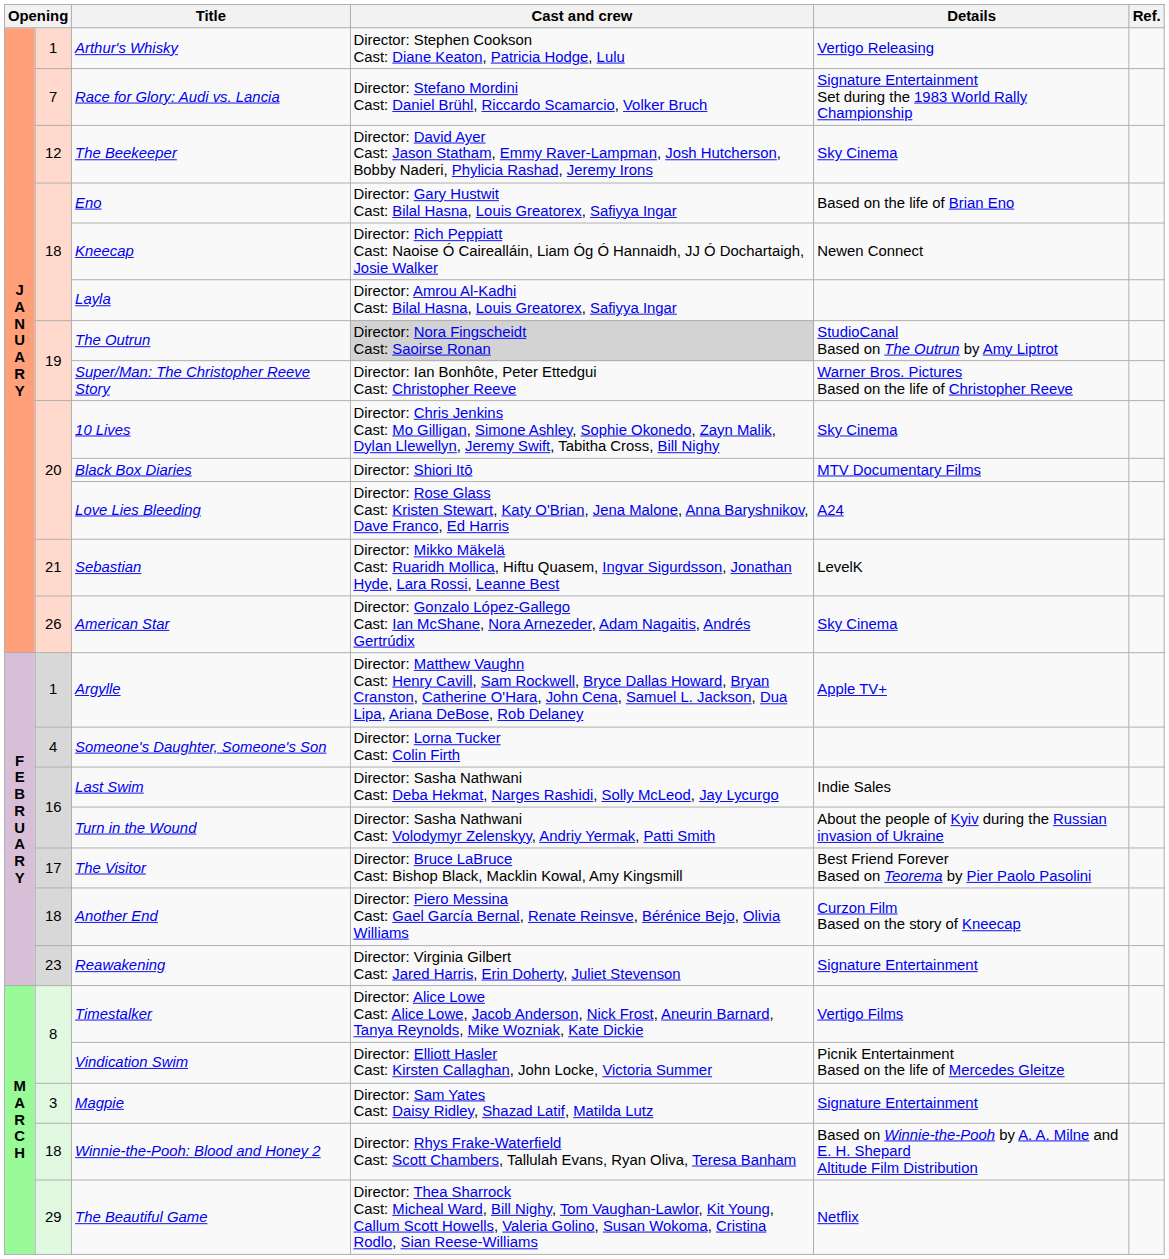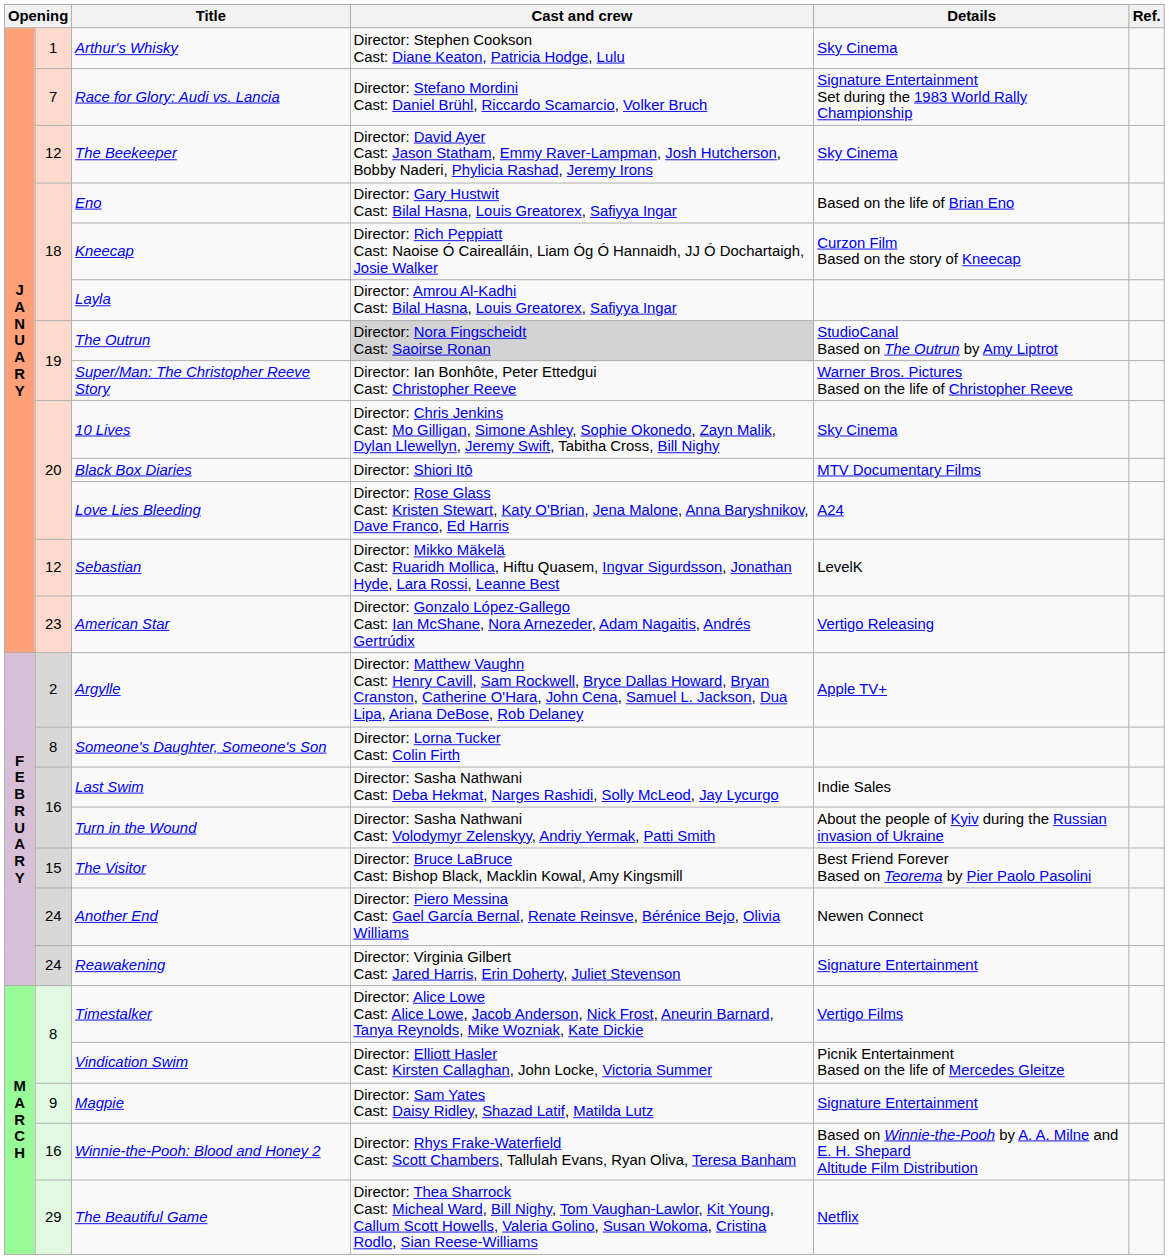 <table class="wikitable">
 <tr style="background:#b0e0e6; text-align:center;">
 <th colspan="2">Opening</th>
 <th style="width:24%;">Title</th>
 <th style="width:40%;">Cast and crew</th>
 <th>Details</th>
 <th style="width:2%;">Ref.</th>
 </tr>
 <tr>
 <th rowspan="13" style="text-align:center; background:#ffa07a; textcolor:#000;">J<br>A<br>N<br>U<br>A<br>R<br>Y</th>
 <td rowspan="1" style="text-align:center; background:#ffdacc;">1</td>
 <td><em><a href='#'>Arthur's Whisky</a></em></td>
 <td>Director: Stephen Cookson <br> Cast: <a href='#'>Diane Keaton</a>, <a href='#'>Patricia Hodge</a>, <a href='#'>Lulu</a></td>
-<td><a href='#'>Vertigo Releasing</a></td>
+<td><a href='#'>Sky Cinema</a></td>
 <td style="text-align:center"></td>
 </tr>
 <tr>
 <td rowspan="1" style="text-align:center; background:#ffdacc;">7</td>
 <td><em><a href='#'>Race for Glory: Audi vs. Lancia</a></em></td>
 <td>Director: <a href='#'>Stefano Mordini</a> <br> Cast: <a href='#'>Daniel Brühl</a>, <a href='#'>Riccardo Scamarcio</a>, <a href='#'>Volker Bruch</a></td>
 <td><a href='#'>Signature Entertainment</a> <br> Set during the <a href='#'>1983 World Rally Championship</a></td>
 <td style="text-align:center"></td>
 </tr>
 <tr>
 <td rowspan="1" style="text-align:center; background:#ffdacc;">12</td>
 <td><em><a href='#'>The Beekeeper</a></em></td>
 <td>Director: <a href='#'>David Ayer</a> <br> Cast: <a href='#'>Jason Statham</a>, <a href='#'>Emmy Raver-Lampman</a>, <a href='#'>Josh Hutcherson</a>, Bobby Naderi, <a href='#'>Phylicia Rashad</a>, <a href='#'>Jeremy Irons</a></td>
 <td><a href='#'>Sky Cinema</a></td>
 <td style="text-align:center"></td>
 </tr>
 <tr>
 <td rowspan="3" style="text-align:center; background:#ffdacc;">18</td>
 <td><em><a href='#'>Eno</a></em></td>
 <td>Director: <a href='#'>Gary Hustwit</a> <br> Cast: <a href='#'>Bilal Hasna</a>, <a href='#'>Louis Greatorex</a>, <a href='#'>Safiyya Ingar</a></td>
 <td>Based on the life of <a href='#'>Brian Eno</a></td>
 <td style="text-align:center"></td>
 </tr>
 <tr>
 <td><em><a href='#'>Kneecap</a></em></td>
 <td>Director: <a href='#'>Rich Peppiatt</a> <br> Cast: Naoise Ó Cairealláin, Liam Óg Ó Hannaidh, JJ Ó Dochartaigh, <a href='#'>Josie Walker</a></td>
-<td>Newen Connect</td>
+<td><a href='#'>Curzon Film</a> <br> Based on the story of <a href='#'>Kneecap</a></td>
 <td style="text-align:center"></td>
 </tr>
 <tr>
 <td><em><a href='#'>Layla</a></em></td>
 <td>Director: <a href='#'>Amrou Al-Kadhi</a> <br> Cast: <a href='#'>Bilal Hasna</a>, <a href='#'>Louis Greatorex</a>, <a href='#'>Safiyya Ingar</a></td>
 <td></td>
 <td style="text-align:center"></td>
 </tr>
 <tr>
 <td rowspan="2" style="text-align:center; background:#ffdacc;">19</td>
 <td><em><a href='#'>The Outrun</a></em></td>
 <td style="background: lightgrey;">Director: <a href='#'>Nora Fingscheidt</a> <br> Cast: <a href='#'>Saoirse Ronan</a></td>
 <td><a href='#'>StudioCanal</a> <br> Based on <em><a href='#'>The Outrun</a></em> by <a href='#'>Amy Liptrot</a></td>
 <td style="text-align:center"></td>
 </tr>
 <tr>
 <td><em><a href='#'>Super/Man: The Christopher Reeve Story</a></em></td>
 <td>Director: Ian Bonhôte, Peter Ettedgui <br> Cast: <a href='#'>Christopher Reeve</a></td>
 <td><a href='#'>Warner Bros. Pictures</a> <br> Based on the life of <a href='#'>Christopher Reeve</a></td>
 <td style="text-align:center"></td>
 </tr>
 <tr>
 <td rowspan="3" style="text-align:center; background:#ffdacc;">20</td>
 <td><em><a href='#'>10 Lives</a></em></td>
 <td>Director: <a href='#'>Chris Jenkins</a> <br> Cast: <a href='#'>Mo Gilligan</a>, <a href='#'>Simone Ashley</a>, <a href='#'>Sophie Okonedo</a>, <a href='#'>Zayn Malik</a>, <a href='#'>Dylan Llewellyn</a>, <a href='#'>Jeremy Swift</a>, Tabitha Cross, <a href='#'>Bill Nighy</a></td>
 <td><a href='#'>Sky Cinema</a></td>
 <td></td>
 </tr>
 <tr>
 <td><em><a href='#'>Black Box Diaries</a></em></td>
 <td>Director: <a href='#'>Shiori Itō</a></td>
 <td><a href='#'>MTV Documentary Films</a></td>
 <td style="text-align:center"></td>
 </tr>
 <tr>
 <td><em><a href='#'>Love Lies Bleeding</a></em></td>
 <td>Director: <a href='#'>Rose Glass</a> <br> Cast: <a href='#'>Kristen Stewart</a>, <a href='#'>Katy O'Brian</a>, <a href='#'>Jena Malone</a>, <a href='#'>Anna Baryshnikov</a>, <a href='#'>Dave Franco</a>, <a href='#'>Ed Harris</a></td>
 <td><a href='#'>A24</a></td>
 <td style="text-align:center"></td>
 </tr>
 <tr>
-<td rowspan="1" style="text-align:center; background:#ffdacc;">21</td>
+<td rowspan="1" style="text-align:center; background:#ffdacc;">12</td>
 <td><em><a href='#'>Sebastian</a></em></td>
 <td>Director: <a href='#'>Mikko Mäkelä</a><br> Cast: <a href='#'>Ruaridh Mollica</a>, Hiftu Quasem, <a href='#'>Ingvar Sigurdsson</a>, <a href='#'>Jonathan Hyde</a>, <a href='#'>Lara Rossi</a>, <a href='#'>Leanne Best</a></td>
 <td>LevelK</td>
 <td style="text-align:center"></td>
 </tr>
 <tr>
-<td rowspan="1" style="text-align:center; background:#ffdacc;">26</td>
+<td rowspan="1" style="text-align:center; background:#ffdacc;">23</td>
 <td><em><a href='#'>American Star</a></em></td>
 <td>Director: <a href='#'>Gonzalo López-Gallego</a> <br> Cast: <a href='#'>Ian McShane</a>, <a href='#'>Nora Arnezeder</a>, <a href='#'>Adam Nagaitis</a>, <a href='#'>Andrés Gertrúdix</a></td>
-<td><a href='#'>Sky Cinema</a></td>
+<td><a href='#'>Vertigo Releasing</a></td>
 <td style="text-align:center"></td>
 </tr>
 <tr>
 <th rowspan="7" style="text-align:center; background:thistle; textcolor:#000;">F<br>E<br>B<br>R<br>U<br>A<br>R<br>Y</th>
-<td rowspan="1" style="text-align:center; background:#d8d8d8;">1</td>
+<td rowspan="1" style="text-align:center; background:#d8d8d8;">2</td>
 <td><em><a href='#'>Argylle</a></em></td>
 <td>Director: <a href='#'>Matthew Vaughn</a> <br> Cast: <a href='#'>Henry Cavill</a>, <a href='#'>Sam Rockwell</a>, <a href='#'>Bryce Dallas Howard</a>, <a href='#'>Bryan Cranston</a>, <a href='#'>Catherine O'Hara</a>, <a href='#'>John Cena</a>, <a href='#'>Samuel L. Jackson</a>, <a href='#'>Dua Lipa</a>, <a href='#'>Ariana DeBose</a>, <a href='#'>Rob Delaney</a></td>
 <td><a href='#'>Apple TV+</a></td>
 <td style="text-align:center"></td>
 </tr>
 <tr>
-<td rowspan="1" style="text-align:center; background:#d8d8d8;">4</td>
+<td rowspan="1" style="text-align:center; background:#d8d8d8;">8</td>
 <td><em><a href='#'>Someone's Daughter, Someone's Son</a></em></td>
 <td>Director: <a href='#'>Lorna Tucker</a> <br> Cast: <a href='#'>Colin Firth</a></td>
 <td></td>
 <td></td>
 </tr>
 <tr>
 <td rowspan="2" style="text-align:center; background:#d8d8d8;">16</td>
 <td><em><a href='#'>Last Swim</a></em></td>
 <td>Director: Sasha Nathwani <br> Cast: <a href='#'>Deba Hekmat</a>, <a href='#'>Narges Rashidi</a>, <a href='#'>Solly McLeod</a>, <a href='#'>Jay Lycurgo</a></td>
 <td>Indie Sales</td>
 <td style="text-align:center"></td>
 </tr>
 <tr>
 <td><em><a href='#'>Turn in the Wound</a></em></td>
 <td>Director: Sasha Nathwani <br> Cast: <a href='#'>Volodymyr Zelenskyy</a>, <a href='#'>Andriy Yermak</a>, <a href='#'>Patti Smith</a></td>
 <td>About the people of <a href='#'>Kyiv</a> during the <a href='#'>Russian invasion of Ukraine</a></td>
 <td style="text-align:center"></td>
 </tr>
 <tr>
-<td rowspan="1" style="text-align:center; background:#d8d8d8;">17</td>
+<td rowspan="1" style="text-align:center; background:#d8d8d8;">15</td>
 <td><em><a href='#'>The Visitor</a></em></td>
 <td>Director: <a href='#'>Bruce LaBruce</a> <br> Cast: Bishop Black, Macklin Kowal, Amy Kingsmill</td>
 <td>Best Friend Forever <br> Based on <em><a href='#'>Teorema</a></em> by <a href='#'>Pier Paolo Pasolini</a></td>
 <td style="text-align:center"></td>
 </tr>
 <tr>
-<td rowspan="1" style="text-align:center; background:#d8d8d8;">18</td>
+<td rowspan="1" style="text-align:center; background:#d8d8d8;">24</td>
 <td><em><a href='#'>Another End</a></em></td>
 <td>Director: <a href='#'>Piero Messina</a> <br> Cast: <a href='#'>Gael García Bernal</a>, <a href='#'>Renate Reinsve</a>, <a href='#'>Bérénice Bejo</a>, <a href='#'>Olivia Williams</a></td>
-<td><a href='#'>Curzon Film</a> <br> Based on the story of <a href='#'>Kneecap</a></td>
+<td>Newen Connect</td>
 <td style="text-align:center"></td>
 </tr>
 <tr>
-<td rowspan="1" style="text-align:center; background:#d8d8d8;">23</td>
+<td rowspan="1" style="text-align:center; background:#d8d8d8;">24</td>
 <td><em><a href='#'>Reawakening</a></em></td>
 <td>Director: Virginia Gilbert <br> Cast: <a href='#'>Jared Harris</a>, <a href='#'>Erin Doherty</a>, <a href='#'>Juliet Stevenson</a></td>
 <td><a href='#'>Signature Entertainment</a></td>
 <td></td>
 </tr>
 <tr>
 <th rowspan="5" style="text-align:center; background:#98fb98; textcolor:#000;">M<br>A<br>R<br>C<br>H</th>
 <td rowspan="2" style="text-align:center; background:#e0f9e0;">8</td>
 <td><em><a href='#'>Timestalker</a></em></td>
 <td>Director: <a href='#'>Alice Lowe</a> <br> Cast: <a href='#'>Alice Lowe</a>, <a href='#'>Jacob Anderson</a>, <a href='#'>Nick Frost</a>, <a href='#'>Aneurin Barnard</a>, <a href='#'>Tanya Reynolds</a>, <a href='#'>Mike Wozniak</a>, <a href='#'>Kate Dickie</a></td>
 <td><a href='#'>Vertigo Films</a></td>
 <td style="text-align:center"></td>
 </tr>
 <tr>
 <td><em><a href='#'>Vindication Swim</a></em></td>
 <td>Director: <a href='#'>Elliott Hasler</a> <br> Cast: <a href='#'>Kirsten Callaghan</a>, John Locke, <a href='#'>Victoria Summer</a></td>
 <td>Picnik Entertainment <br> Based on the life of <a href='#'>Mercedes Gleitze</a></td>
 <td style="text-align:center"></td>
 </tr>
 <tr>
-<td rowspan="1" style="text-align:center; background:#e0f9e0;">3</td>
+<td rowspan="1" style="text-align:center; background:#e0f9e0;">9</td>
 <td><em><a href='#'>Magpie</a></em></td>
 <td>Director: <a href='#'>Sam Yates</a> <br> Cast: <a href='#'>Daisy Ridley</a>, <a href='#'>Shazad Latif</a>, <a href='#'>Matilda Lutz</a></td>
 <td><a href='#'>Signature Entertainment</a></td>
 <td style="text-align:center"></td>
 </tr>
 <tr>
-<td rowspan="1" style="text-align:center; background:#e0f9e0;">18</td>
+<td rowspan="1" style="text-align:center; background:#e0f9e0;">16</td>
 <td><em><a href='#'>Winnie-the-Pooh: Blood and Honey 2</a></em></td>
 <td>Director: <a href='#'>Rhys Frake-Waterfield</a> <br> Cast: <a href='#'>Scott Chambers</a>, Tallulah Evans, Ryan Oliva, <a href='#'>Teresa Banham</a></td>
 <td>Based on <em><a href='#'>Winnie-the-Pooh</a></em> by <a href='#'>A. A. Milne</a> and <a href='#'>E. H. Shepard</a> <br> <a href='#'>Altitude Film Distribution</a></td>
 <td></td>
 </tr>
 <tr>
 <td rowspan="1" style="text-align:center; background:#e0f9e0;">29</td>
 <td><em><a href='#'>The Beautiful Game</a></em></td>
 <td>Director: <a href='#'>Thea Sharrock</a> <br> Cast: <a href='#'>Micheal Ward</a>, <a href='#'>Bill Nighy</a>, <a href='#'>Tom Vaughan-Lawlor</a>, <a href='#'>Kit Young</a>, <a href='#'>Callum Scott Howells</a>, <a href='#'>Valeria Golino</a>, <a href='#'>Susan Wokoma</a>, <a href='#'>Cristina Rodlo</a>, <a href='#'>Sian Reese-Williams</a></td>
 <td><a href='#'>Netflix</a></td>
 <td style="text-align:center"></td>
 </tr>
 </table>
